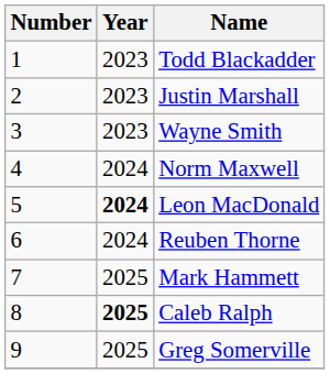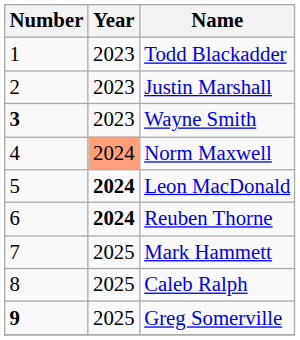 <table class="sortable wikitable">
 <tr>
 <th>Number</th>
 <th>Year</th>
 <th>Name</th>
 </tr>
 <tr>
 <td>1</td>
 <td>2023</td>
 <td><a href='#'>Todd Blackadder</a></td>
 </tr>
 <tr>
 <td>2</td>
 <td>2023</td>
 <td><a href='#'>Justin Marshall</a></td>
 </tr>
 <tr>
-<td>3</td>
+<td><strong>3</strong></td>
 <td>2023</td>
 <td><a href='#'>Wayne Smith</a></td>
 </tr>
 <tr>
 <td>4</td>
-<td>2024</td>
+<td style="background: lightsalmon;">2024</td>
 <td><a href='#'>Norm Maxwell</a></td>
 </tr>
 <tr>
 <td>5</td>
 <td><strong>2024</strong></td>
 <td><a href='#'>Leon MacDonald</a></td>
 </tr>
 <tr>
 <td>6</td>
-<td>2024</td>
+<td><strong>2024</strong></td>
 <td><a href='#'>Reuben Thorne</a></td>
 </tr>
 <tr>
 <td>7</td>
 <td>2025</td>
 <td><a href='#'>Mark Hammett</a></td>
 </tr>
 <tr>
 <td>8</td>
-<td><strong>2025</strong></td>
+<td>2025</td>
 <td><a href='#'>Caleb Ralph</a></td>
 </tr>
 <tr>
-<td>9</td>
+<td><strong>9</strong></td>
 <td>2025</td>
 <td><a href='#'>Greg Somerville</a></td>
 </tr>
 <tr>
 </tr>
 </table>
